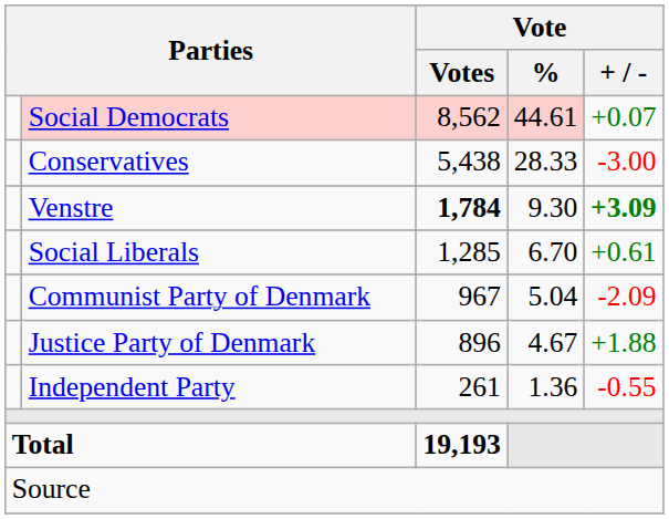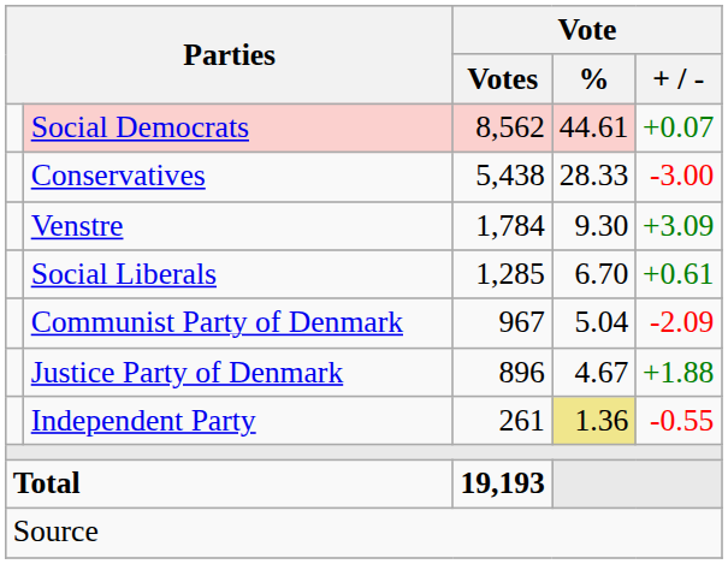 <table class="wikitable" style="text-align:right;">
 <tr>
 <th style="text-align:centre;" rowspan="2" colspan="2" width="225">Parties</th>
 <th colspan="3">Vote</th>
 </tr>
 <tr>
 <th width="15">Votes</th>
 <th width="15">%</th>
 <th width="15">+ / -</th>
 </tr>
 <tr>
 <td width="2" style="color:inherit;background:"></td>
 <td bgcolor=#fbd0ce  align="left"><a href='#'>Social Democrats</a></td>
 <td bgcolor=#fbd0ce>8,562</td>
 <td bgcolor=#fbd0ce>44.61</td>
 <td style=color:green;>+0.07</td>
 </tr>
 <tr>
 <td width="2" style="color:inherit;background:"></td>
 <td align="left"><a href='#'>Conservatives</a></td>
 <td>5,438</td>
 <td>28.33</td>
 <td style=color:red;>-3.00</td>
 </tr>
 <tr>
 <td width="2" style="color:inherit;background:"></td>
 <td align="left"><a href='#'>Venstre</a></td>
-<td><strong>1,784</strong></td>
+<td>1,784</td>
 <td>9.30</td>
-<td style=color:green;><strong>+3.09</strong></td>
+<td style=color:green;>+3.09</td>
 </tr>
 <tr>
 <td width="2" style="color:inherit;background:"></td>
 <td align="left"><a href='#'>Social Liberals</a></td>
 <td>1,285</td>
 <td>6.70</td>
 <td style=color:green;>+0.61</td>
 </tr>
 <tr>
 <td width="2" style="color:inherit;background:"></td>
 <td align="left"><a href='#'>Communist Party of Denmark</a></td>
 <td>967</td>
 <td>5.04</td>
 <td style=color:red;>-2.09</td>
 </tr>
 <tr>
 <td width="2" style="color:inherit;background:"></td>
 <td align="left"><a href='#'>Justice Party of Denmark</a></td>
 <td>896</td>
 <td>4.67</td>
 <td style=color:green;>+1.88</td>
 </tr>
 <tr>
 <td width="2" style="color:inherit;background:"></td>
 <td align="left"><a href='#'>Independent Party</a></td>
 <td>261</td>
-<td>1.36</td>
+<td style="background: khaki;">1.36</td>
 <td style=color:red;>-0.55</td>
 </tr>
 <tr>
 <td colspan="7" bgcolor="#E9E9E9"></td>
 </tr>
 <tr>
 <td align="left" colspan="2"><strong>Total</strong></td>
 <td><strong>19,193</strong></td>
 <td bgcolor="#E9E9E9" colspan="2"></td>
 </tr>
 <tr>
 <td align="left" colspan="6">Source</td>
 </tr>
 </table>
